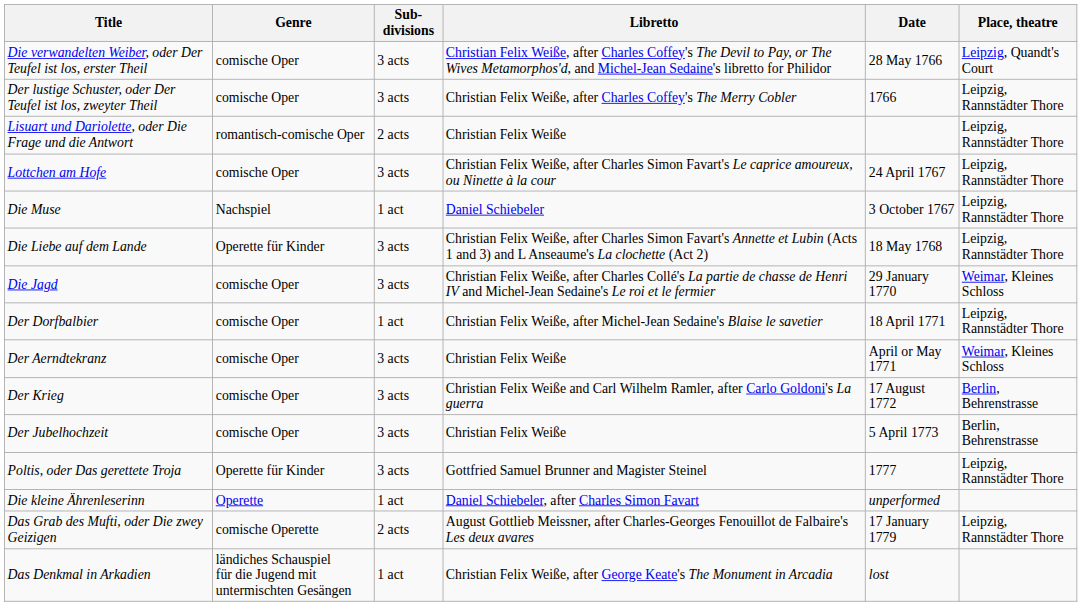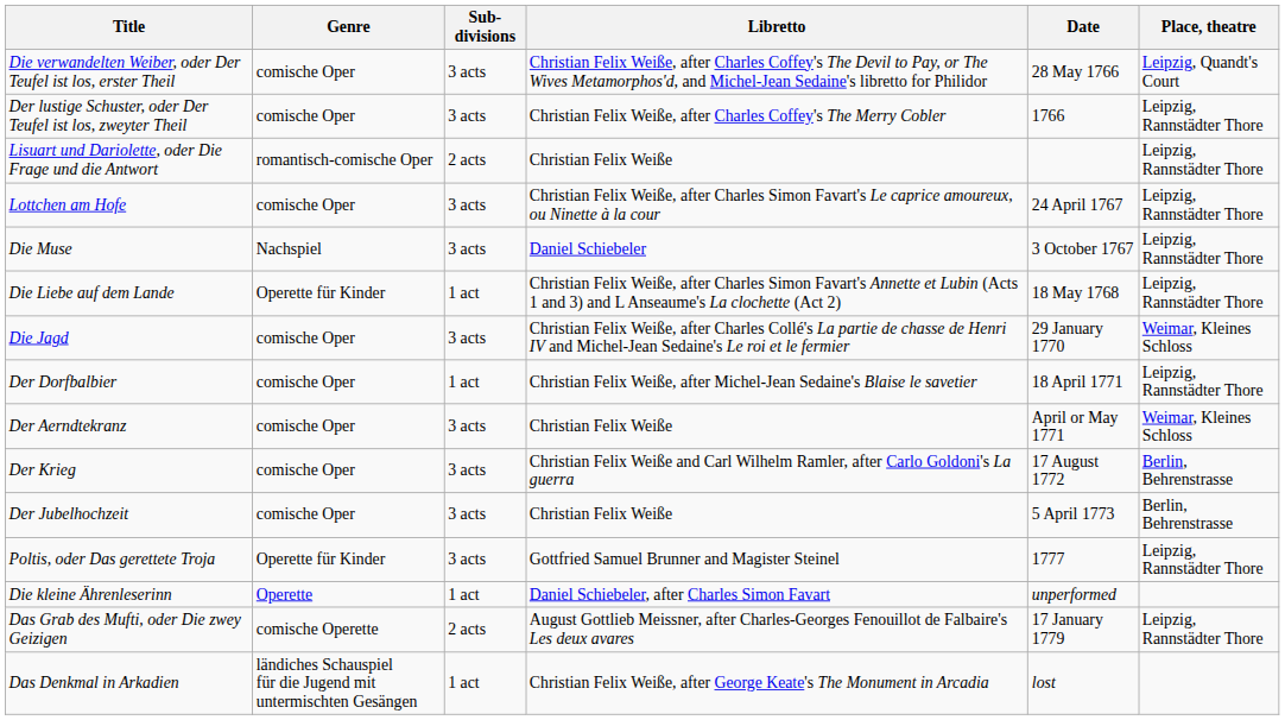 <table class="wikitable sortable">
 <tr>
 <th>Title</th>
 <th>Genre</th>
 <th>Sub­divisions</th>
 <th>Libretto</th>
 <th>Date</th>
 <th>Place, theatre</th>
 </tr>
 <tr>
 <td><em><a href='#'>Die verwandelten Weiber</a>, oder Der Teufel ist los, erster Theil</em></td>
 <td>comische Oper</td>
 <td>3 acts</td>
 <td><a href='#'>Christian Felix Weiße</a>, after <a href='#'>Charles Coffey</a>'s <em>The Devil to Pay, or The Wives Metamorphos'd</em>, and <a href='#'>Michel-Jean Sedaine</a>'s libretto for Philidor</td>
 <td>28 May 1766</td>
 <td><a href='#'>Leipzig</a>, Quandt's Court</td>
 </tr>
 <tr>
 <td><em>Der lustige Schuster, oder Der Teufel ist los, zweyter Theil</em></td>
 <td>comische Oper</td>
 <td>3 acts</td>
 <td>Christian Felix Weiße, after <a href='#'>Charles Coffey</a>'s <em>The Merry Cobler</em></td>
 <td>1766</td>
 <td>Leipzig, Rannstädter Thore</td>
 </tr>
 <tr>
 <td><em><a href='#'>Lisuart und Dariolette</a>, oder Die Frage und die Antwort</em></td>
 <td>romantisch-comische Oper</td>
 <td>2 acts</td>
 <td>Christian Felix Weiße</td>
 <td></td>
 <td>Leipzig, Rannstädter Thore</td>
 </tr>
 <tr>
 <td><em><a href='#'>Lottchen am Hofe</a></em></td>
 <td>comische Oper</td>
 <td>3 acts</td>
 <td>Christian Felix Weiße, after Charles Simon Favart's <em>Le caprice amoureux, ou Ninette à la cour</em></td>
 <td>24 April 1767</td>
 <td>Leipzig, Rannstädter Thore</td>
 </tr>
 <tr>
 <td><em>Die Muse</em></td>
 <td>Nachspiel</td>
-<td>1 act</td>
+<td>3 acts</td>
 <td><a href='#'>Daniel Schiebeler</a></td>
 <td>3 October 1767</td>
 <td>Leipzig, Rannstädter Thore</td>
 </tr>
 <tr>
 <td><em>Die Liebe auf dem Lande</em></td>
 <td>Operette für Kinder</td>
-<td>3 acts</td>
+<td>1 act</td>
 <td>Christian Felix Weiße, after Charles Simon Favart's <em>Annette et Lubin</em> (Acts 1 and 3) and L Anseaume's <em>La clochette</em> (Act 2)</td>
 <td>18 May 1768</td>
 <td>Leipzig, Rannstädter Thore</td>
 </tr>
 <tr>
 <td><em><a href='#'>Die Jagd</a></em></td>
 <td>comische Oper</td>
 <td>3 acts</td>
 <td>Christian Felix Weiße, after Charles Collé's <em>La partie de chasse de Henri IV</em> and Michel-Jean Sedaine's <em>Le roi et le fermier</em></td>
 <td>29 January 1770</td>
 <td><a href='#'>Weimar</a>, Kleines Schloss</td>
 </tr>
 <tr>
 <td><em>Der Dorfbalbier</em></td>
 <td>comische Oper</td>
 <td>1 act</td>
 <td>Christian Felix Weiße, after Michel-Jean Sedaine's <em>Blaise le savetier</em></td>
 <td>18 April 1771</td>
 <td>Leipzig, Rannstädter Thore</td>
 </tr>
 <tr>
 <td><em>Der Aerndtekranz</em></td>
 <td>comische Oper</td>
 <td>3 acts</td>
 <td>Christian Felix Weiße</td>
 <td>April or May 1771</td>
 <td><a href='#'>Weimar</a>, Kleines Schloss</td>
 </tr>
 <tr>
 <td><em>Der Krieg</em></td>
 <td>comische Oper</td>
 <td>3 acts</td>
 <td>Christian Felix Weiße and Carl Wilhelm Ramler, after <a href='#'>Carlo Goldoni</a>'s <em>La guerra</em></td>
 <td>17 August 1772</td>
 <td><a href='#'>Berlin</a>, Behrenstrasse</td>
 </tr>
 <tr>
 <td><em>Der Jubelhochzeit</em></td>
 <td>comische Oper</td>
 <td>3 acts</td>
 <td>Christian Felix Weiße</td>
 <td>5 April 1773</td>
 <td>Berlin, Behrenstrasse</td>
 </tr>
 <tr>
 <td><em>Poltis, oder Das gerettete Troja</em></td>
 <td>Operette für Kinder</td>
 <td>3 acts</td>
 <td>Gottfried Samuel Brunner and Magister Steinel</td>
 <td>1777</td>
 <td>Leipzig, Rannstädter Thore</td>
 </tr>
 <tr>
 <td><em>Die kleine Ährenleserinn</em></td>
 <td><a href='#'>Operette</a></td>
 <td>1 act</td>
 <td><a href='#'>Daniel Schiebeler</a>, after <a href='#'>Charles Simon Favart</a></td>
 <td><em>unperformed</em></td>
 <td> </td>
 </tr>
 <tr>
 <td><em>Das Grab des Mufti, oder Die zwey Geizigen</em></td>
 <td>comische Operette</td>
 <td>2 acts</td>
 <td>August Gottlieb Meissner, after Charles-Georges Fenouillot de Falbaire's <em>Les deux avares</em></td>
 <td>17 January 1779</td>
 <td>Leipzig, Rannstädter Thore</td>
 </tr>
 <tr>
 <td><em>Das Denkmal in Arkadien</em></td>
 <td>ländiches Schauspiel<br>für die Jugend mit untermischten Gesängen</td>
 <td>1 act</td>
 <td>Christian Felix Weiße, after <a href='#'>George Keate</a>'s <em>The Monument in Arcadia</em></td>
 <td><em>lost</em></td>
 <td> </td>
 </tr>
 </table>
